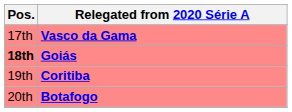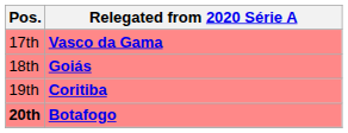 <table class="wikitable">
 <tr>
 <th align="center">Pos.</th>
 <th width="300">Relegated from <a href='#'>2020 Série A</a></th>
 </tr>
 <tr style="background: #FF8888;">
 <td>17th</td>
 <td><strong><a href='#'>Vasco da Gama</a></strong></td>
 </tr>
 <tr style="background: #FF8888;">
-<td><strong>18th</strong></td>
+<td>18th</td>
 <td><strong><a href='#'>Goiás</a></strong></td>
 </tr>
 <tr style="background: #FF8888;">
 <td>19th</td>
 <td><strong><a href='#'>Coritiba</a></strong></td>
 </tr>
 <tr style="background: #FF8888;">
-<td>20th</td>
+<td><strong>20th</strong></td>
 <td><strong><a href='#'>Botafogo</a></strong></td>
 </tr>
 <tr style="background: #FF8888;">
 </tr>
 </table>
